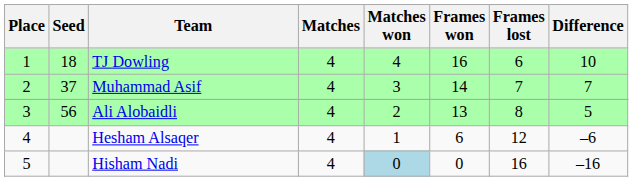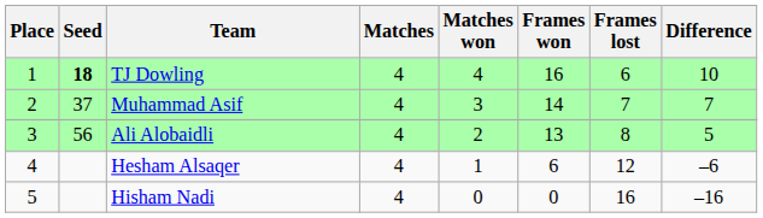 <table class="wikitable" style="text-align: center;">
 <tr>
 <th width=20>Place</th>
 <th width=20>Seed</th>
 <th width=200>Team</th>
 <th width=20>Matches</th>
 <th width=20>Matches won</th>
 <th width=20>Frames won</th>
 <th width=20>Frames lost</th>
 <th width=20>Difference</th>
 </tr>
 <tr style="background:#aaffaa;">
 <td>1</td>
-<td>18</td>
+<td><strong>18</strong></td>
 <td style="text-align:left;"> <a href='#'>TJ Dowling</a></td>
 <td>4</td>
 <td>4</td>
 <td>16</td>
 <td>6</td>
 <td>10</td>
 </tr>
 <tr style="background:#aaffaa;">
 <td>2</td>
 <td>37</td>
 <td style="text-align:left;"> <a href='#'>Muhammad Asif</a></td>
 <td>4</td>
 <td>3</td>
 <td>14</td>
 <td>7</td>
 <td>7</td>
 </tr>
 <tr>
 </tr>
 <tr style="background:#aaffaa;">
 <td>3</td>
 <td>56</td>
 <td style="text-align:left;"> <a href='#'>Ali Alobaidli</a></td>
 <td>4</td>
 <td>2</td>
 <td>13</td>
 <td>8</td>
 <td>5</td>
 </tr>
 <tr>
 <td>4</td>
 <td></td>
 <td style="text-align:left;"> <a href='#'>Hesham Alsaqer</a></td>
 <td>4</td>
 <td>1</td>
 <td>6</td>
 <td>12</td>
 <td>–6</td>
 </tr>
 <tr>
 <td>5</td>
 <td></td>
 <td style="text-align:left;"> <a href='#'>Hisham Nadi</a></td>
 <td>4</td>
-<td style="background: lightblue;">0</td>
+<td>0</td>
 <td>0</td>
 <td>16</td>
 <td>–16</td>
 </tr>
 </table>
